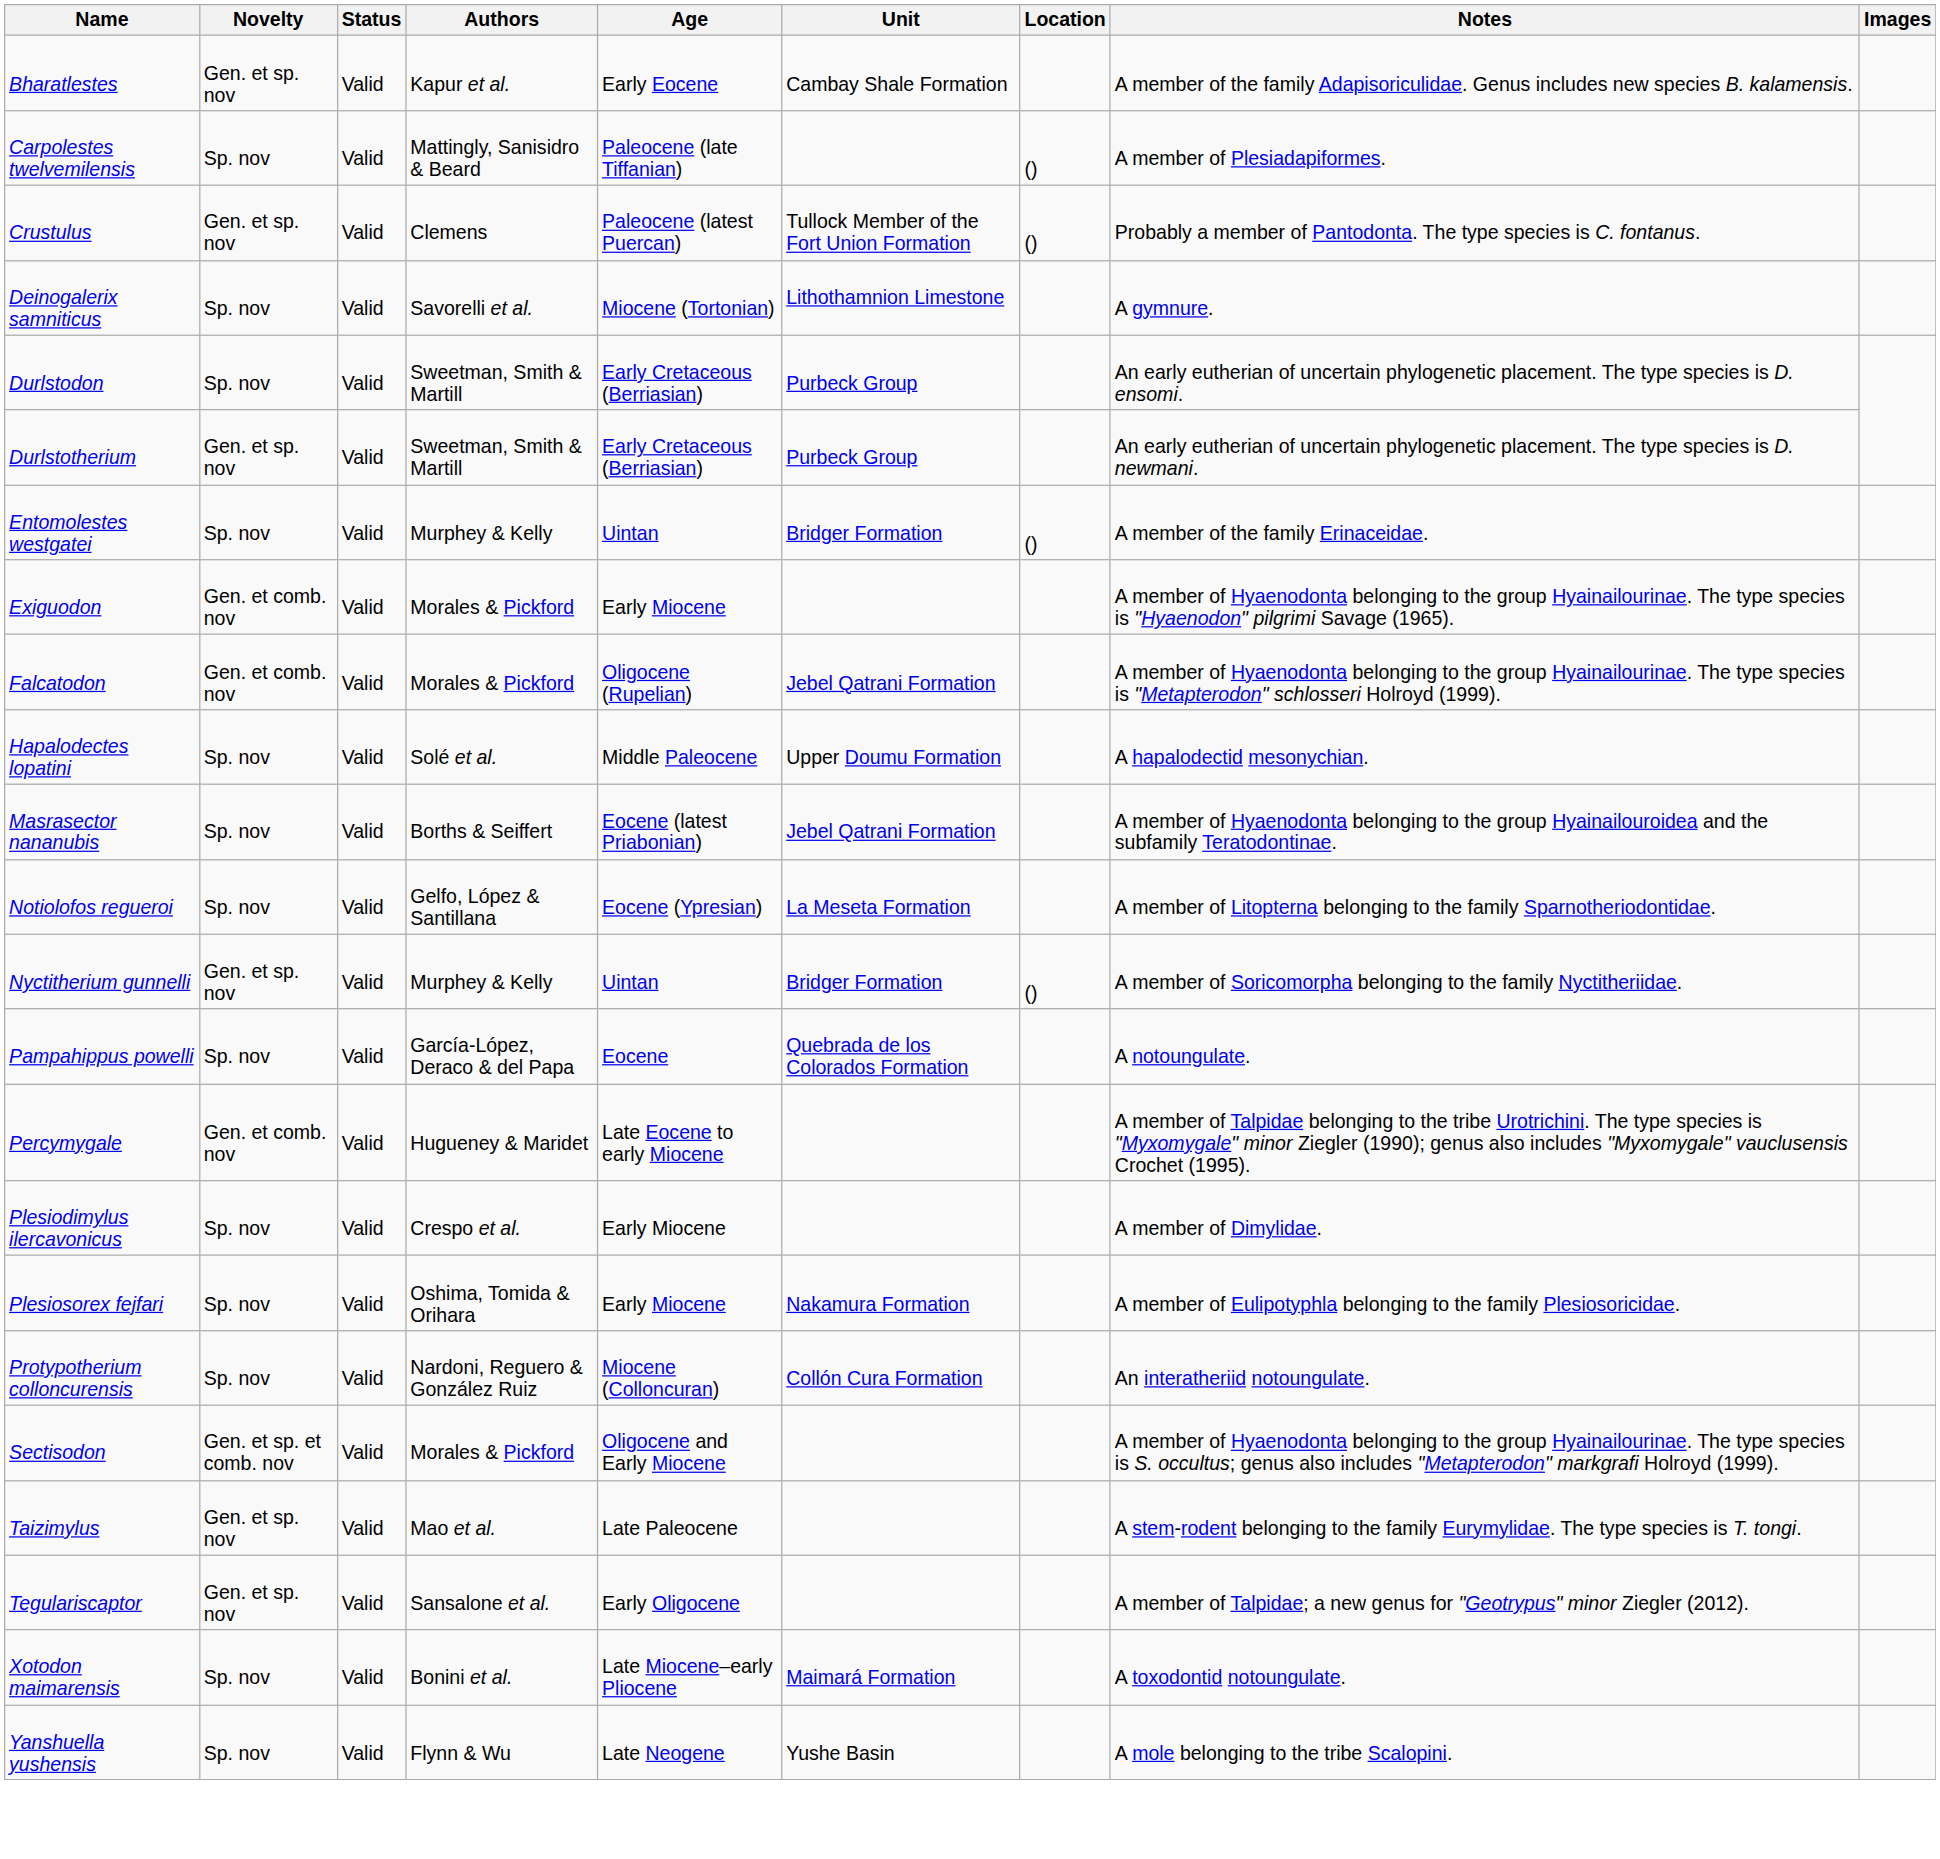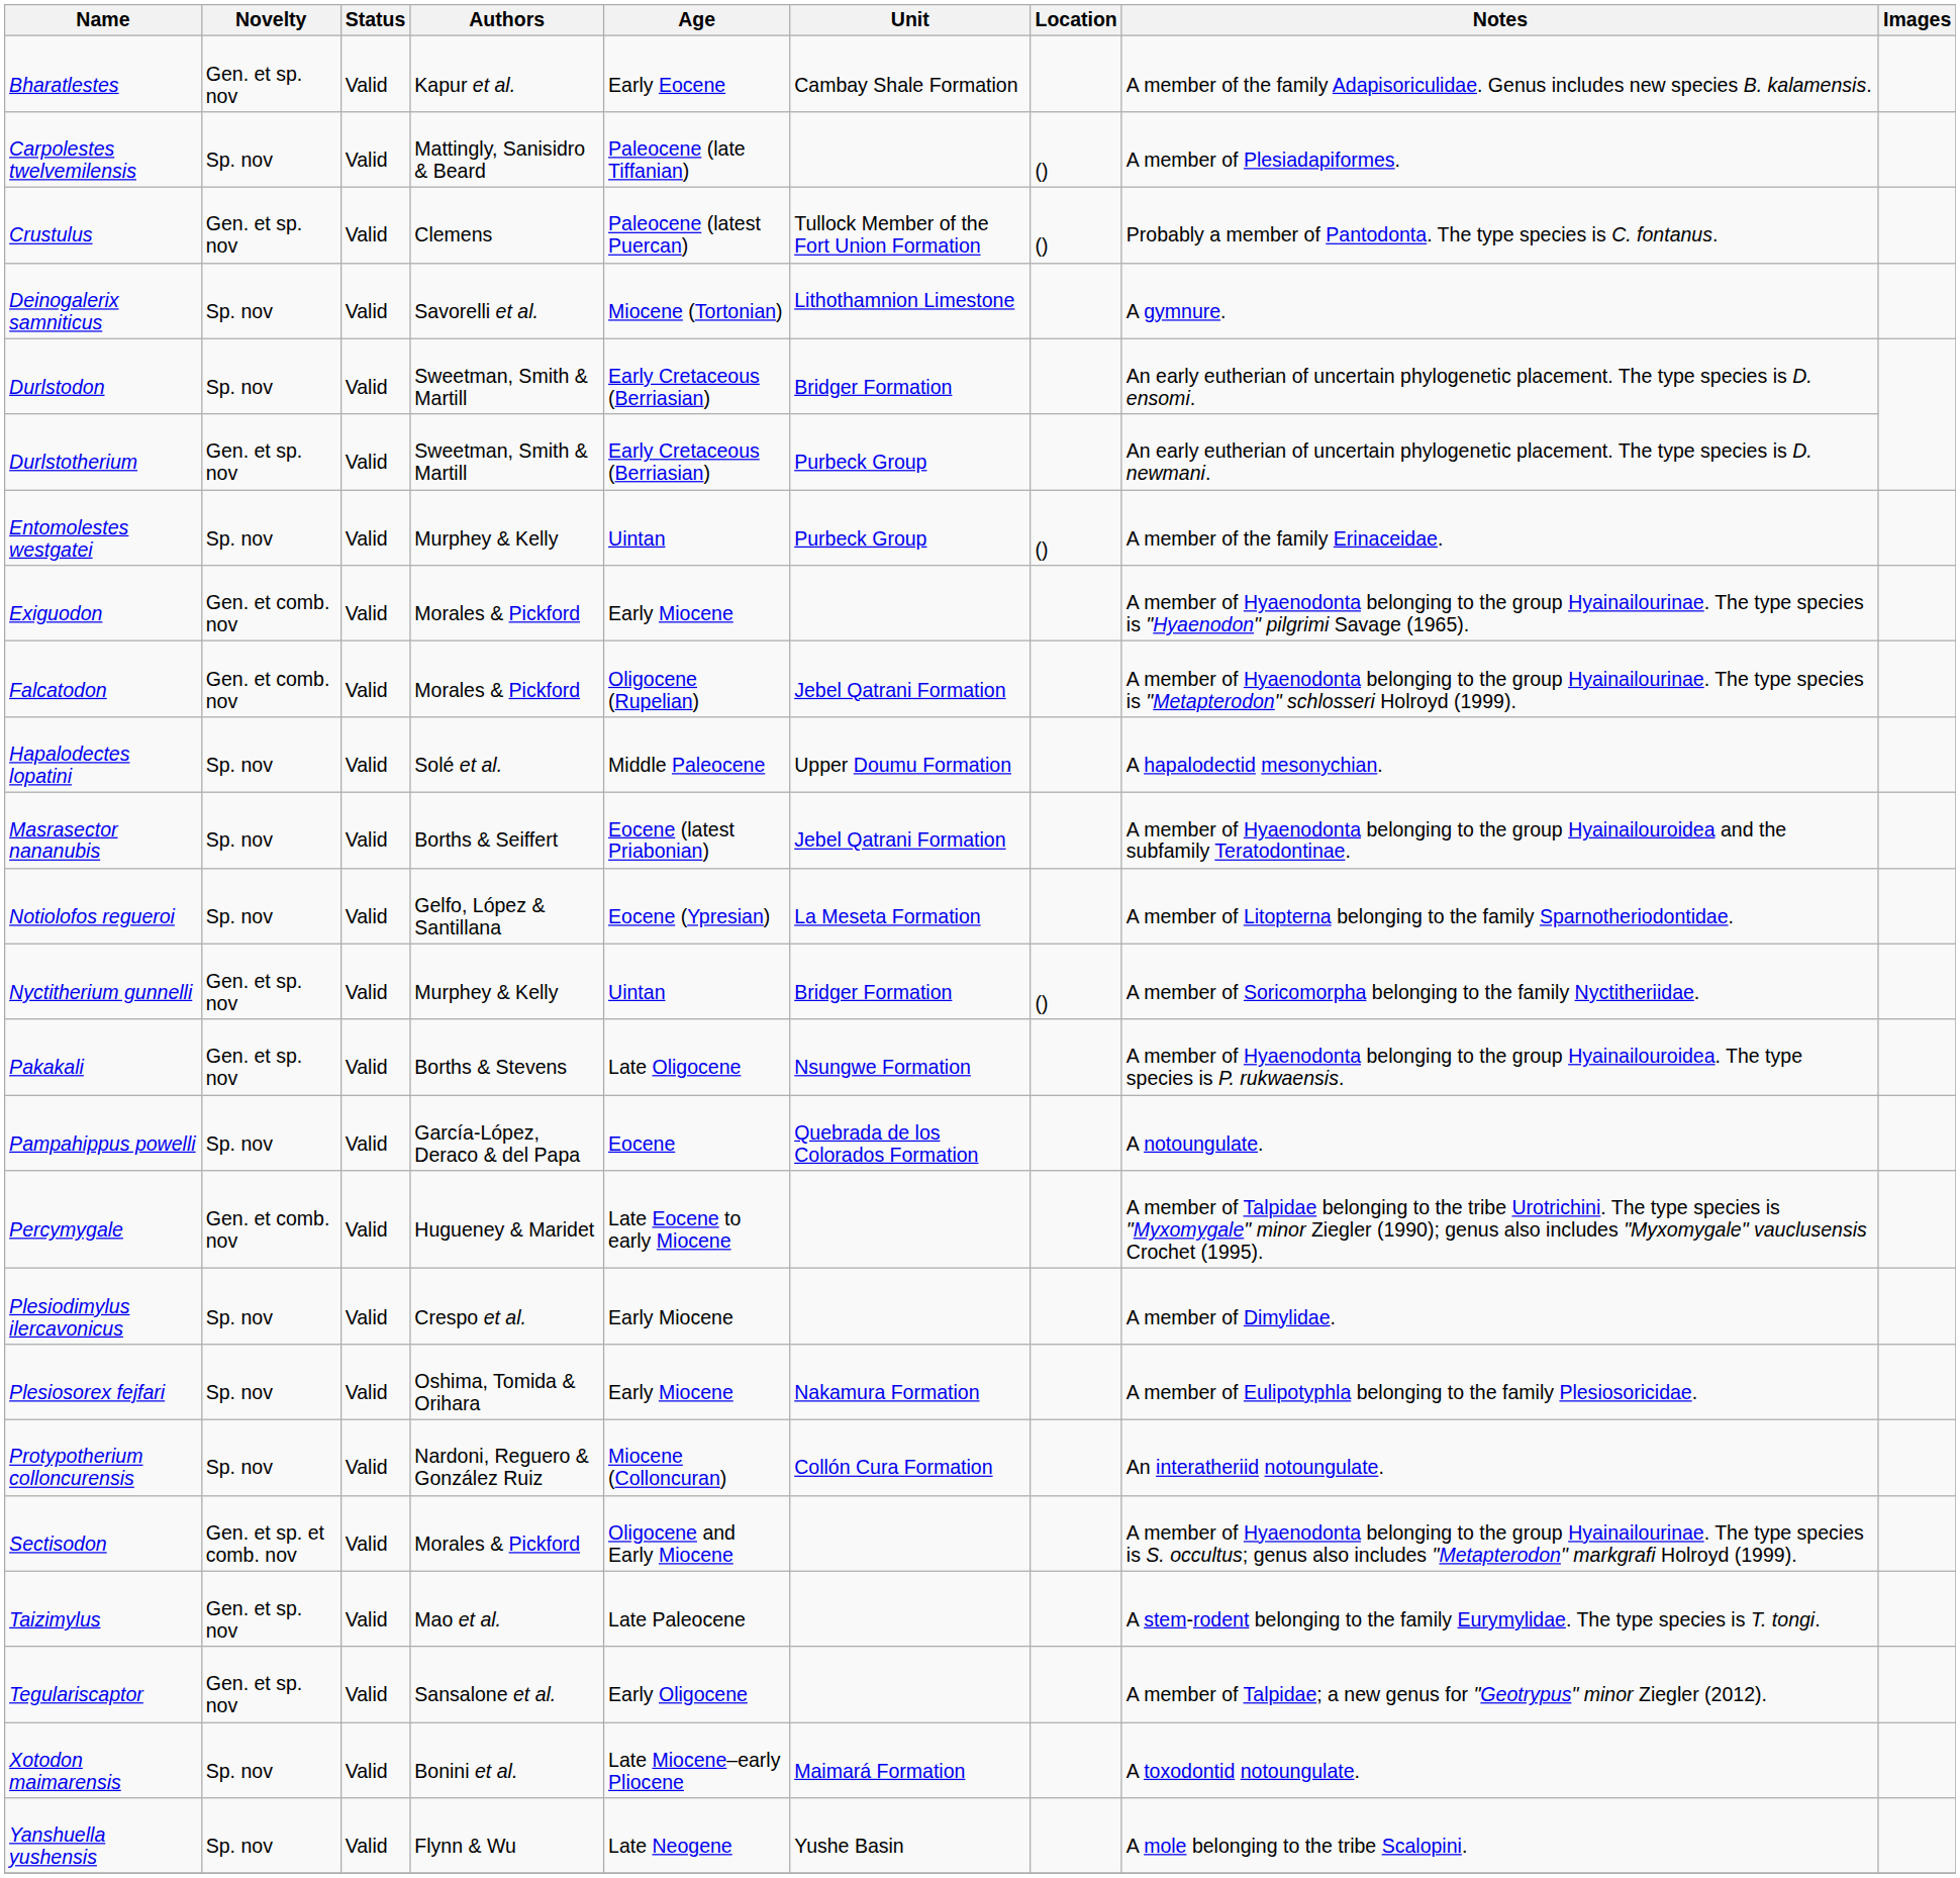 <table class="wikitable sortable" align="center" width="100%">
 <tr>
 <th>Name</th>
 <th>Novelty</th>
 <th>Status</th>
 <th>Authors</th>
 <th>Age</th>
 <th>Unit</th>
 <th>Location</th>
 <th>Notes</th>
 <th>Images</th>
 </tr>
 <tr>
 <td><br><em><a href='#'>Bharatlestes</a></em></td>
 <td><br>Gen. et sp. nov</td>
 <td><br>Valid</td>
 <td><br>Kapur <em>et al.</em></td>
 <td><br>Early <a href='#'>Eocene</a></td>
 <td><br>Cambay Shale Formation</td>
 <td><br></td>
 <td><br>A member of the family <a href='#'>Adapisoriculidae</a>. Genus includes new species <em>B. kalamensis</em>.</td>
 <td></td>
 </tr>
 <tr>
 <td><br><em><a href='#'>Carpolestes twelvemilensis</a></em></td>
 <td><br>Sp. nov</td>
 <td><br>Valid</td>
 <td><br>Mattingly, Sanisidro & Beard</td>
 <td><br><a href='#'>Paleocene</a> (late <a href='#'>Tiffanian</a>)</td>
 <td></td>
 <td><br><br>()</td>
 <td><br>A member of <a href='#'>Plesiadapiformes</a>.</td>
 <td></td>
 </tr>
 <tr>
 <td><br><em><a href='#'>Crustulus</a></em></td>
 <td><br>Gen. et sp. nov</td>
 <td><br>Valid</td>
 <td><br>Clemens</td>
 <td><br><a href='#'>Paleocene</a> (latest <a href='#'>Puercan</a>)</td>
 <td><br>Tullock Member of the <a href='#'>Fort Union Formation</a></td>
 <td><br><br>()</td>
 <td><br>Probably a member of <a href='#'>Pantodonta</a>. The type species is <em>C. fontanus</em>.</td>
 <td></td>
 </tr>
 <tr>
 <td><br><em><a href='#'>Deinogalerix samniticus</a></em></td>
 <td><br>Sp. nov</td>
 <td><br>Valid</td>
 <td><br>Savorelli <em>et al.</em></td>
 <td><br><a href='#'>Miocene</a> (<a href='#'>Tortonian</a>)</td>
 <td><a href='#'>Lithothamnion Limestone</a></td>
 <td><br></td>
 <td><br>A <a href='#'>gymnure</a>.</td>
 <td></td>
 </tr>
 <tr>
 <td><br><em><a href='#'>Durlstodon</a></em></td>
 <td><br>Sp. nov</td>
 <td><br>Valid</td>
 <td><br>Sweetman, Smith & Martill</td>
 <td><br><a href='#'>Early Cretaceous</a> (<a href='#'>Berriasian</a>)</td>
-<td><br><a href='#'>Purbeck Group</a></td>
+<td><br><a href='#'>Bridger Formation</a></td>
 <td><br></td>
 <td><br>An early eutherian of uncertain phylogenetic placement. The type species is <em>D. ensomi</em>.</td>
 <td rowspan="2"><br></td>
 </tr>
 <tr>
 <td><br><em><a href='#'>Durlstotherium</a></em></td>
 <td><br>Gen. et sp. nov</td>
 <td><br>Valid</td>
 <td><br>Sweetman, Smith & Martill</td>
 <td><br><a href='#'>Early Cretaceous</a> (<a href='#'>Berriasian</a>)</td>
 <td><br><a href='#'>Purbeck Group</a></td>
 <td><br></td>
 <td><br>An early eutherian of uncertain phylogenetic placement. The type species is <em>D. newmani</em>.</td>
 </tr>
 <tr>
 <td><br><em><a href='#'>Entomolestes westgatei</a></em></td>
 <td><br>Sp. nov</td>
 <td><br>Valid</td>
 <td><br>Murphey & Kelly</td>
 <td><br><a href='#'>Uintan</a></td>
-<td><br><a href='#'>Bridger Formation</a></td>
+<td><br><a href='#'>Purbeck Group</a></td>
 <td><br><br>()</td>
 <td><br>A member of the family <a href='#'>Erinaceidae</a>.</td>
 <td></td>
 </tr>
 <tr>
 <td><br><em><a href='#'>Exiguodon</a></em></td>
 <td><br>Gen. et comb. nov</td>
 <td><br>Valid</td>
 <td><br>Morales & <a href='#'>Pickford</a></td>
 <td><br>Early <a href='#'>Miocene</a></td>
 <td></td>
 <td><br><br> </td>
 <td><br>A member of <a href='#'>Hyaenodonta</a> belonging to the group <a href='#'>Hyainailourinae</a>. The type species is <em>"<a href='#'>Hyaenodon</a>" pilgrimi</em> Savage (1965).</td>
 <td></td>
 </tr>
 <tr>
 <td><br><em><a href='#'>Falcatodon</a></em></td>
 <td><br>Gen. et comb. nov</td>
 <td><br>Valid</td>
 <td><br>Morales & <a href='#'>Pickford</a></td>
 <td><br><a href='#'>Oligocene</a> (<a href='#'>Rupelian</a>)</td>
 <td><br><a href='#'>Jebel Qatrani Formation</a></td>
 <td><br></td>
 <td><br>A member of <a href='#'>Hyaenodonta</a> belonging to the group <a href='#'>Hyainailourinae</a>. The type species is <em>"<a href='#'>Metapterodon</a>" schlosseri</em> Holroyd (1999).</td>
 <td></td>
 </tr>
 <tr>
 <td><br><em><a href='#'>Hapalodectes lopatini</a></em></td>
 <td><br>Sp. nov</td>
 <td><br>Valid</td>
 <td><br>Solé <em>et al.</em></td>
 <td><br>Middle <a href='#'>Paleocene</a></td>
 <td><br>Upper <a href='#'>Doumu Formation</a></td>
 <td><br></td>
 <td><br>A <a href='#'>hapalodectid</a> <a href='#'>mesonychian</a>.</td>
 <td></td>
 </tr>
 <tr>
 <td><br><em><a href='#'>Masrasector nananubis</a></em></td>
 <td><br>Sp. nov</td>
 <td><br>Valid</td>
 <td><br>Borths & Seiffert</td>
 <td><br><a href='#'>Eocene</a> (latest <a href='#'>Priabonian</a>)</td>
 <td><br><a href='#'>Jebel Qatrani Formation</a></td>
 <td><br></td>
 <td><br>A member of <a href='#'>Hyaenodonta</a> belonging to the group <a href='#'>Hyainailouroidea</a> and the subfamily <a href='#'>Teratodontinae</a>.</td>
 <td></td>
 </tr>
 <tr>
 <td><br><em><a href='#'>Notiolofos regueroi</a></em></td>
 <td><br>Sp. nov</td>
 <td><br>Valid</td>
 <td><br>Gelfo, López & Santillana</td>
 <td><br><a href='#'>Eocene</a> (<a href='#'>Ypresian</a>)</td>
 <td><br><a href='#'>La Meseta Formation</a></td>
 <td><br></td>
 <td><br>A member of <a href='#'>Litopterna</a> belonging to the family <a href='#'>Sparnotheriodontidae</a>.</td>
 <td></td>
 </tr>
 <tr>
 <td><br><em><a href='#'>Nyctitherium gunnelli</a></em></td>
 <td><br>Gen. et sp. nov</td>
 <td><br>Valid</td>
 <td><br>Murphey & Kelly</td>
 <td><br><a href='#'>Uintan</a></td>
 <td><br><a href='#'>Bridger Formation</a></td>
 <td><br><br>()</td>
 <td><br>A member of <a href='#'>Soricomorpha</a> belonging to the family <a href='#'>Nyctitheriidae</a>.</td>
+<td></td>
+</tr>
+<tr>
+<td><br><em><a href='#'>Pakakali</a></em></td>
+<td><br>Gen. et sp. nov</td>
+<td><br>Valid</td>
+<td><br>Borths & Stevens</td>
+<td><br>Late <a href='#'>Oligocene</a></td>
+<td><br><a href='#'>Nsungwe Formation</a></td>
+<td><br></td>
+<td><br>A member of <a href='#'>Hyaenodonta</a> belonging to the group <a href='#'>Hyainailouroidea</a>. The type species is <em>P. rukwaensis</em>.</td>
 <td></td>
 </tr>
 <tr>
 <td><br><em><a href='#'>Pampahippus powelli</a></em></td>
 <td><br>Sp. nov</td>
 <td><br>Valid</td>
 <td><br>García-López, Deraco & del Papa</td>
 <td><br><a href='#'>Eocene</a></td>
 <td><br><a href='#'>Quebrada de los Colorados Formation</a></td>
 <td><br></td>
 <td><br>A <a href='#'>notoungulate</a>.</td>
 <td></td>
 </tr>
 <tr>
 <td><br><em><a href='#'>Percymygale</a></em></td>
 <td><br>Gen. et comb. nov</td>
 <td><br>Valid</td>
 <td><br>Hugueney & Maridet</td>
 <td><br>Late <a href='#'>Eocene</a> to early <a href='#'>Miocene</a></td>
 <td></td>
 <td><br><br> <br> <br> </td>
 <td><br>A member of <a href='#'>Talpidae</a> belonging to the tribe <a href='#'>Urotrichini</a>. The type species is <em>"<a href='#'>Myxomygale</a>" minor</em> Ziegler (1990); genus also includes <em>"Myxomygale" vauclusensis</em> Crochet (1995).</td>
 <td></td>
 </tr>
 <tr>
 <td><br><em><a href='#'>Plesiodimylus ilercavonicus</a></em></td>
 <td><br>Sp. nov</td>
 <td><br>Valid</td>
 <td><br>Crespo <em>et al.</em></td>
 <td><br>Early Miocene</td>
 <td></td>
 <td><br></td>
 <td><br>A member of <a href='#'>Dimylidae</a>.</td>
 <td></td>
 </tr>
 <tr>
 <td><br><em><a href='#'>Plesiosorex fejfari</a></em></td>
 <td><br>Sp. nov</td>
 <td><br>Valid</td>
 <td><br>Oshima, Tomida & Orihara</td>
 <td><br>Early <a href='#'>Miocene</a></td>
 <td><br><a href='#'>Nakamura Formation</a></td>
 <td><br></td>
 <td><br>A member of <a href='#'>Eulipotyphla</a> belonging to the family <a href='#'>Plesiosoricidae</a>.</td>
 <td></td>
 </tr>
 <tr>
 <td><br><em><a href='#'>Protypotherium colloncurensis</a></em></td>
 <td><br>Sp. nov</td>
 <td><br>Valid</td>
 <td><br>Nardoni, Reguero & González Ruiz</td>
 <td><br><a href='#'>Miocene</a> (<a href='#'>Colloncuran</a>)</td>
 <td><br><a href='#'>Collón Cura Formation</a></td>
 <td><br></td>
 <td><br>An <a href='#'>interatheriid</a> <a href='#'>notoungulate</a>.</td>
 <td></td>
 </tr>
 <tr>
 <td><br><em><a href='#'>Sectisodon</a></em></td>
 <td><br>Gen. et sp. et comb. nov</td>
 <td><br>Valid</td>
 <td><br>Morales & <a href='#'>Pickford</a></td>
 <td><br><a href='#'>Oligocene</a> and Early <a href='#'>Miocene</a></td>
 <td></td>
 <td><br><br> </td>
 <td><br>A member of <a href='#'>Hyaenodonta</a> belonging to the group <a href='#'>Hyainailourinae</a>. The type species is <em>S. occultus</em>; genus also includes <em>"<a href='#'>Metapterodon</a>" markgrafi</em> Holroyd (1999).</td>
 <td></td>
 </tr>
 <tr>
 <td><br><em><a href='#'>Taizimylus</a></em></td>
 <td><br>Gen. et sp. nov</td>
 <td><br>Valid</td>
 <td><br>Mao <em>et al.</em></td>
 <td><br>Late Paleocene</td>
 <td></td>
 <td><br></td>
 <td><br>A <a href='#'>stem</a>-<a href='#'>rodent</a> belonging to the family <a href='#'>Eurymylidae</a>. The type species is <em>T. tongi</em>.</td>
 <td></td>
 </tr>
 <tr>
 <td><br><em><a href='#'>Tegulariscaptor</a></em></td>
 <td><br>Gen. et sp. nov</td>
 <td><br>Valid</td>
 <td><br>Sansalone <em>et al.</em></td>
 <td><br>Early <a href='#'>Oligocene</a></td>
 <td></td>
 <td><br></td>
 <td><br>A member of <a href='#'>Talpidae</a>; a new genus for <em>"<a href='#'>Geotrypus</a>" minor</em> Ziegler (2012).</td>
 <td></td>
 </tr>
 <tr>
 <td><br><em><a href='#'>Xotodon maimarensis</a></em></td>
 <td><br>Sp. nov</td>
 <td><br>Valid</td>
 <td><br>Bonini <em>et al.</em></td>
 <td><br>Late <a href='#'>Miocene</a>–early <a href='#'>Pliocene</a></td>
 <td><br><a href='#'>Maimará Formation</a></td>
 <td><br></td>
 <td><br>A <a href='#'>toxodontid</a> <a href='#'>notoungulate</a>.</td>
 <td></td>
 </tr>
 <tr>
 <td><br><em><a href='#'>Yanshuella yushensis</a></em></td>
 <td><br>Sp. nov</td>
 <td><br>Valid</td>
 <td><br>Flynn & Wu</td>
 <td><br>Late <a href='#'>Neogene</a></td>
 <td><br>Yushe Basin</td>
 <td><br></td>
 <td><br>A <a href='#'>mole</a> belonging to the tribe <a href='#'>Scalopini</a>.</td>
 <td></td>
 </tr>
 <tr>
 </tr>
 </table>
